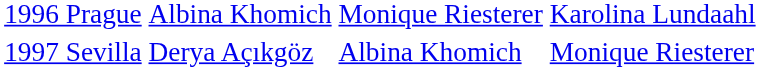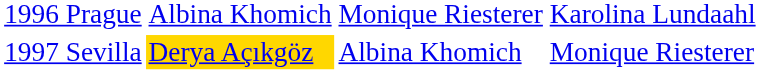 <table>
 <tr>
 <td><a href='#'>1996 Prague</a></td>
 <td> <a href='#'>Albina Khomich</a></td>
 <td> <a href='#'>Monique Riesterer</a></td>
 <td> <a href='#'>Karolina Lundaahl</a></td>
 </tr>
 <tr>
 <td><a href='#'>1997 Sevilla</a></td>
-<td> <a href='#'>Derya Açıkgöz</a></td>
+<td style="background: gold;"> <a href='#'>Derya Açıkgöz</a></td>
 <td> <a href='#'>Albina Khomich</a></td>
 <td> <a href='#'>Monique Riesterer</a></td>
 </tr>
 </table>
